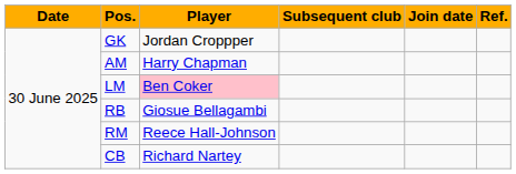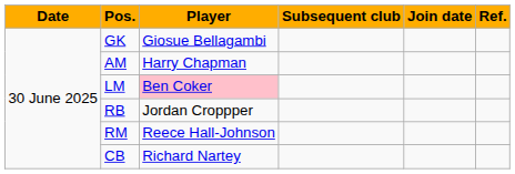 <table class="wikitable plainrowheaders sortable">
 <tr>
 <th style="background:#FFAD00; color:#000000;">Date</th>
 <th style="background:#FFAD00; color:#000000;">Pos.</th>
 <th style="background:#FFAD00; color:#000000;">Player</th>
 <th style="background:#FFAD00; color:#000000;">Subsequent club</th>
 <th style="background:#FFAD00; color:#000000;">Join date</th>
 <th style="background:#FFAD00; color:#000000;">Ref.</th>
 </tr>
 <tr>
 <td rowspan="6">30 June 2025</td>
 <td><a href='#'>GK</a></td>
-<td> Jordan Croppper</td>
+<td> <a href='#'>Giosue Bellagambi</a></td>
 <td></td>
 <td></td>
 <td></td>
 </tr>
 <tr>
 <td><a href='#'>AM</a></td>
 <td> <a href='#'>Harry Chapman</a></td>
 <td></td>
 <td></td>
 <td></td>
 </tr>
 <tr>
 <td><a href='#'>LM</a></td>
 <td style="background: pink;"> <a href='#'>Ben Coker</a></td>
 <td></td>
 <td></td>
 <td></td>
 </tr>
 <tr>
 <td><a href='#'>RB</a></td>
-<td> <a href='#'>Giosue Bellagambi</a></td>
+<td> Jordan Croppper</td>
 <td></td>
 <td></td>
 <td></td>
 </tr>
 <tr>
 <td><a href='#'>RM</a></td>
 <td> <a href='#'>Reece Hall-Johnson</a></td>
 <td></td>
 <td></td>
 <td></td>
 </tr>
 <tr>
 <td><a href='#'>CB</a></td>
 <td> <a href='#'>Richard Nartey</a></td>
 <td></td>
 <td></td>
 <td></td>
 </tr>
 </table>
